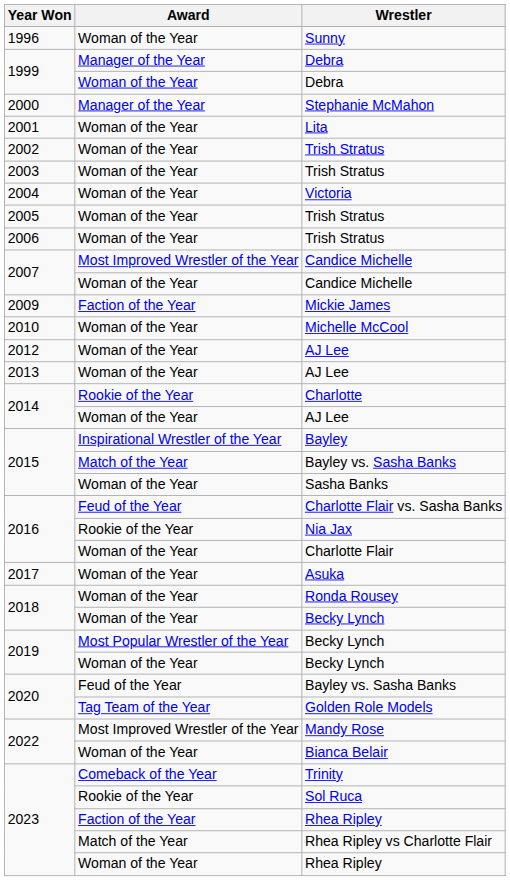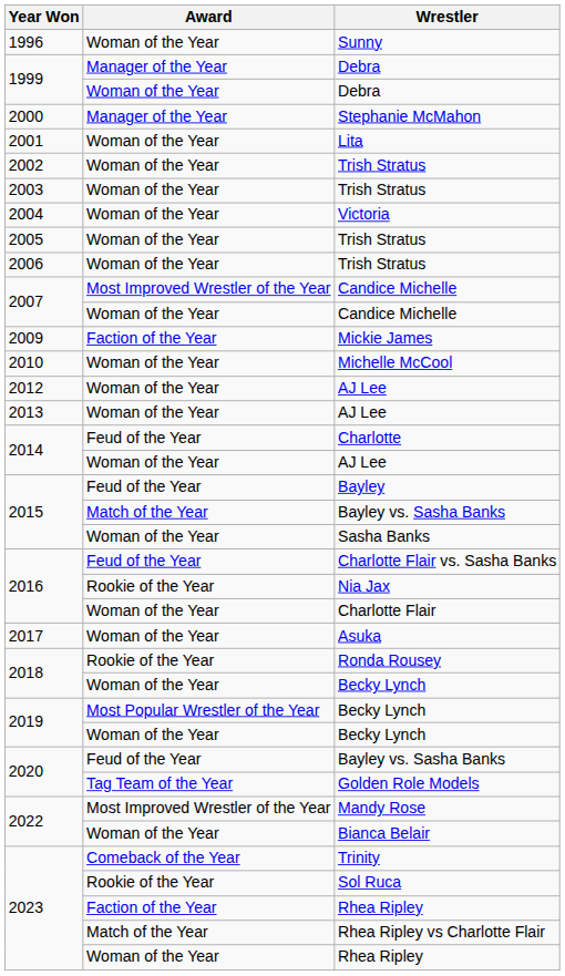 <table class="wikitable">
 <tr>
 <th>Year Won</th>
 <th>Award</th>
 <th>Wrestler</th>
 </tr>
 <tr>
 <td>1996</td>
 <td>Woman of the Year</td>
 <td><a href='#'>Sunny</a></td>
 </tr>
 <tr>
 <td rowspan="2">1999</td>
 <td><a href='#'>Manager of the Year</a></td>
 <td><a href='#'>Debra</a></td>
 </tr>
 <tr>
 <td><a href='#'>Woman of the Year</a></td>
 <td>Debra</td>
 </tr>
 <tr>
 <td>2000</td>
 <td><a href='#'>Manager of the Year</a></td>
 <td><a href='#'>Stephanie McMahon</a></td>
 </tr>
 <tr>
 <td>2001</td>
 <td>Woman of the Year</td>
 <td><a href='#'>Lita</a></td>
 </tr>
 <tr>
 <td>2002</td>
 <td>Woman of the Year</td>
 <td><a href='#'>Trish Stratus</a></td>
 </tr>
 <tr>
 <td>2003</td>
 <td>Woman of the Year</td>
 <td>Trish Stratus</td>
 </tr>
 <tr>
 <td>2004</td>
 <td>Woman of the Year</td>
 <td><a href='#'>Victoria</a></td>
 </tr>
 <tr>
 <td>2005</td>
 <td>Woman of the Year</td>
 <td>Trish Stratus</td>
 </tr>
 <tr>
 <td>2006</td>
 <td>Woman of the Year</td>
 <td>Trish Stratus</td>
 </tr>
 <tr>
 <td rowspan="2">2007</td>
 <td><a href='#'>Most Improved Wrestler of the Year</a></td>
 <td><a href='#'>Candice Michelle</a></td>
 </tr>
 <tr>
 <td>Woman of the Year</td>
 <td>Candice Michelle</td>
 </tr>
 <tr>
 <td>2009</td>
 <td><a href='#'>Faction of the Year</a></td>
 <td><a href='#'>Mickie James</a></td>
 </tr>
 <tr>
 <td>2010</td>
 <td>Woman of the Year</td>
 <td><a href='#'>Michelle McCool</a></td>
 </tr>
 <tr>
 <td>2012</td>
 <td>Woman of the Year</td>
 <td><a href='#'>AJ Lee</a></td>
 </tr>
 <tr>
 <td>2013</td>
 <td>Woman of the Year</td>
 <td>AJ Lee</td>
 </tr>
 <tr>
 <td rowspan="2">2014</td>
-<td><a href='#'>Rookie of the Year</a></td>
+<td>Feud of the Year</td>
 <td><a href='#'>Charlotte</a></td>
 </tr>
 <tr>
 <td>Woman of the Year</td>
 <td>AJ Lee</td>
 </tr>
 <tr>
 <td rowspan="3">2015</td>
-<td><a href='#'>Inspirational Wrestler of the Year</a></td>
+<td>Feud of the Year</td>
 <td><a href='#'>Bayley</a></td>
 </tr>
 <tr>
 <td><a href='#'>Match of the Year</a></td>
 <td>Bayley vs. <a href='#'>Sasha Banks</a><br></td>
 </tr>
 <tr>
 <td>Woman of the Year</td>
 <td>Sasha Banks</td>
 </tr>
 <tr>
 <td rowspan="3">2016</td>
 <td><a href='#'>Feud of the Year</a></td>
 <td><a href='#'>Charlotte Flair</a> vs. Sasha Banks</td>
 </tr>
 <tr>
 <td>Rookie of the Year</td>
 <td><a href='#'>Nia Jax</a></td>
 </tr>
 <tr>
 <td>Woman of the Year</td>
 <td>Charlotte Flair</td>
 </tr>
 <tr>
 <td>2017</td>
 <td>Woman of the Year</td>
 <td><a href='#'>Asuka</a></td>
 </tr>
 <tr>
 <td rowspan="2">2018</td>
-<td>Woman of the Year</td>
+<td>Rookie of the Year</td>
 <td><a href='#'>Ronda Rousey</a></td>
 </tr>
 <tr>
 <td>Woman of the Year</td>
 <td><a href='#'>Becky Lynch</a></td>
 </tr>
 <tr>
 <td rowspan="2">2019</td>
 <td><a href='#'>Most Popular Wrestler of the Year</a></td>
 <td>Becky Lynch</td>
 </tr>
 <tr>
 <td>Woman of the Year</td>
 <td>Becky Lynch</td>
 </tr>
 <tr>
 <td rowspan="2'">2020</td>
 <td>Feud of the Year</td>
 <td>Bayley vs. Sasha Banks</td>
 </tr>
 <tr>
 <td><a href='#'>Tag Team of the Year</a></td>
 <td><a href='#'>Golden Role Models</a><br></td>
 </tr>
 <tr>
 <td rowspan="2">2022</td>
 <td>Most Improved Wrestler of the Year</td>
 <td><a href='#'>Mandy Rose</a></td>
 </tr>
 <tr>
 <td>Woman of the Year</td>
 <td><a href='#'>Bianca Belair</a></td>
 </tr>
 <tr>
 <td rowspan="5">2023</td>
 <td><a href='#'>Comeback of the Year</a></td>
 <td><a href='#'>Trinity</a></td>
 </tr>
 <tr>
 <td>Rookie of the Year</td>
 <td><a href='#'>Sol Ruca</a></td>
 </tr>
 <tr>
 <td><a href='#'>Faction of the Year</a></td>
 <td><a href='#'>Rhea Ripley</a><br></td>
 </tr>
 <tr>
 <td>Match of the Year</td>
 <td>Rhea Ripley vs Charlotte Flair<br></td>
 </tr>
 <tr>
 <td>Woman of the Year</td>
 <td>Rhea Ripley</td>
 </tr>
 </table>
